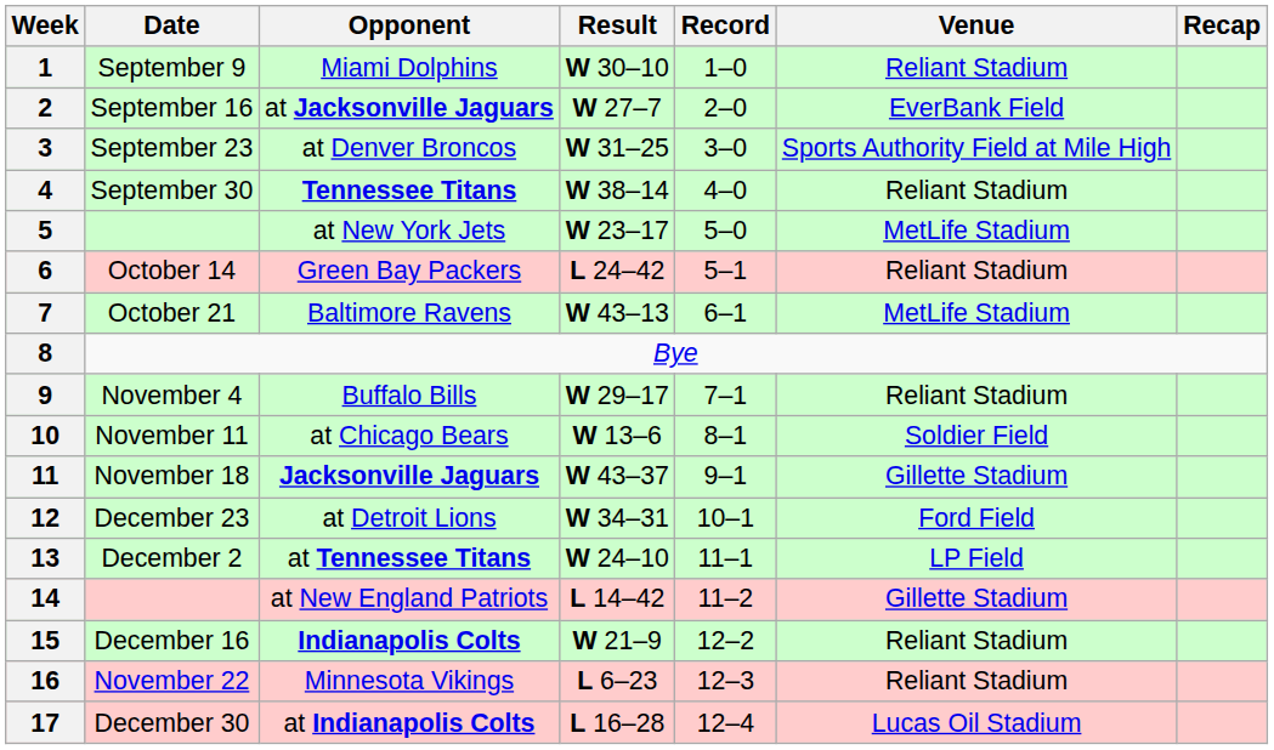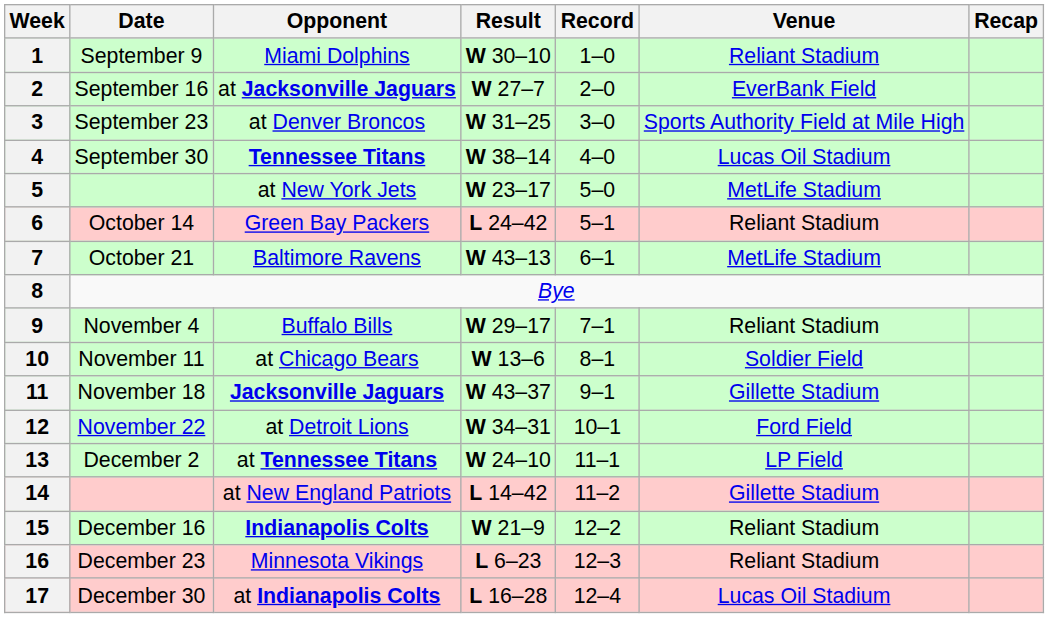 <table class="wikitable" style="text-align:center">
 <tr>
 <th>Week</th>
 <th>Date</th>
 <th>Opponent</th>
 <th>Result</th>
 <th>Record</th>
 <th>Venue</th>
 <th>Recap</th>
 </tr>
 <tr style="background:#cfc">
 <th>1</th>
 <td>September 9</td>
 <td><a href='#'>Miami Dolphins</a></td>
 <td><strong>W</strong> 30–10</td>
 <td>1–0</td>
 <td><a href='#'>Reliant Stadium</a></td>
 <td></td>
 </tr>
 <tr style="background:#cfc">
 <th>2</th>
 <td>September 16</td>
 <td>at <strong><a href='#'>Jacksonville Jaguars</a></strong></td>
 <td><strong>W</strong> 27–7</td>
 <td>2–0</td>
 <td><a href='#'>EverBank Field</a></td>
 <td></td>
 </tr>
 <tr style="background:#cfc">
 <th>3</th>
 <td>September 23</td>
 <td>at <a href='#'>Denver Broncos</a></td>
 <td><strong>W</strong> 31–25</td>
 <td>3–0</td>
 <td><a href='#'>Sports Authority Field at Mile High</a></td>
 <td></td>
 </tr>
 <tr style="background:#cfc">
 <th>4</th>
 <td>September 30</td>
 <td><strong><a href='#'>Tennessee Titans</a></strong></td>
 <td><strong>W</strong> 38–14</td>
 <td>4–0</td>
-<td>Reliant Stadium</td>
+<td><a href='#'>Lucas Oil Stadium</a></td>
 <td></td>
 </tr>
 <tr style="background:#cfc">
 <th>5</th>
 <td></td>
 <td>at <a href='#'>New York Jets</a></td>
 <td><strong>W</strong> 23–17</td>
 <td>5–0</td>
 <td><a href='#'>MetLife Stadium</a></td>
 <td></td>
 </tr>
 <tr style="background:#fcc">
 <th>6</th>
 <td>October 14</td>
 <td><a href='#'>Green Bay Packers</a></td>
 <td><strong>L</strong> 24–42</td>
 <td>5–1</td>
 <td>Reliant Stadium</td>
 <td></td>
 </tr>
 <tr style="background:#cfc">
 <th>7</th>
 <td>October 21</td>
 <td><a href='#'>Baltimore Ravens</a></td>
 <td><strong>W</strong> 43–13</td>
 <td>6–1</td>
 <td><a href='#'>MetLife Stadium</a></td>
 <td></td>
 </tr>
 <tr>
 <th>8</th>
 <td colspan="6"><em><a href='#'>Bye</a></em></td>
 </tr>
 <tr style="background:#cfc">
 <th>9</th>
 <td>November 4</td>
 <td><a href='#'>Buffalo Bills</a></td>
 <td><strong>W</strong> 29–17</td>
 <td>7–1</td>
 <td>Reliant Stadium</td>
 <td></td>
 </tr>
 <tr style="background:#cfc">
 <th>10</th>
 <td>November 11</td>
 <td>at <a href='#'>Chicago Bears</a></td>
 <td><strong>W</strong> 13–6</td>
 <td>8–1</td>
 <td><a href='#'>Soldier Field</a></td>
 <td></td>
 </tr>
 <tr style="background:#cfc">
 <th>11</th>
 <td>November 18</td>
 <td><strong><a href='#'>Jacksonville Jaguars</a></strong></td>
 <td><strong>W</strong> 43–37 </td>
 <td>9–1</td>
 <td><a href='#'>Gillette Stadium</a></td>
 <td></td>
 </tr>
 <tr style="background:#cfc">
 <th>12</th>
-<td>December 23</td>
+<td><a href='#'>November 22</a></td>
 <td>at <a href='#'>Detroit Lions</a></td>
 <td><strong>W</strong> 34–31 </td>
 <td>10–1</td>
 <td><a href='#'>Ford Field</a></td>
 <td></td>
 </tr>
 <tr style="background:#cfc">
 <th>13</th>
 <td>December 2</td>
 <td>at <strong><a href='#'>Tennessee Titans</a></strong></td>
 <td><strong>W</strong> 24–10</td>
 <td>11–1</td>
 <td><a href='#'>LP Field</a></td>
 <td></td>
 </tr>
 <tr style="background:#fcc">
 <th>14</th>
 <td></td>
 <td>at <a href='#'>New England Patriots</a></td>
 <td><strong>L</strong> 14–42</td>
 <td>11–2</td>
 <td><a href='#'>Gillette Stadium</a></td>
 <td></td>
 </tr>
 <tr style="background:#cfc">
 <th>15</th>
 <td>December 16</td>
 <td><strong><a href='#'>Indianapolis Colts</a></strong></td>
 <td><strong>W</strong> 21–9</td>
 <td>12–2</td>
 <td>Reliant Stadium</td>
 <td></td>
 </tr>
 <tr style="background:#fcc">
 <th>16</th>
-<td><a href='#'>November 22</a></td>
+<td>December 23</td>
 <td><a href='#'>Minnesota Vikings</a></td>
 <td><strong>L</strong> 6–23</td>
 <td>12–3</td>
 <td>Reliant Stadium</td>
 <td></td>
 </tr>
 <tr style="background:#fcc">
 <th>17</th>
 <td>December 30</td>
 <td>at <strong><a href='#'>Indianapolis Colts</a></strong></td>
 <td><strong>L</strong> 16–28</td>
 <td>12–4</td>
 <td><a href='#'>Lucas Oil Stadium</a></td>
 <td></td>
 </tr>
 </table>
